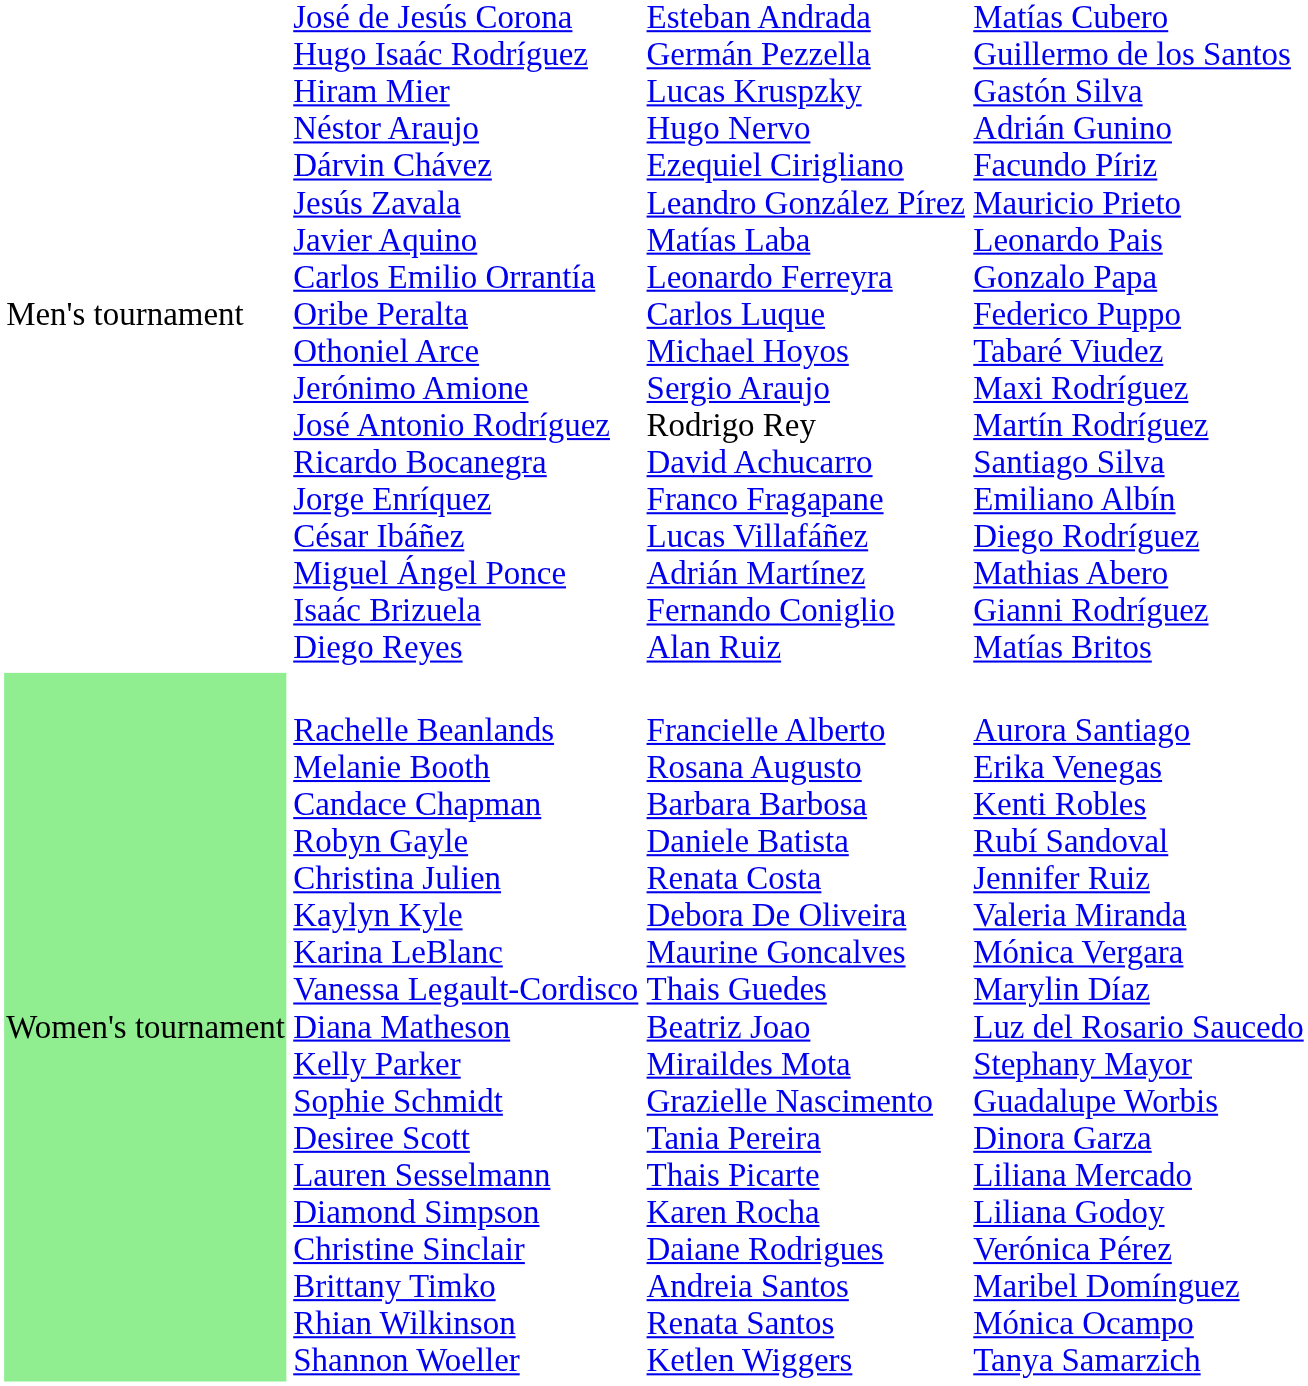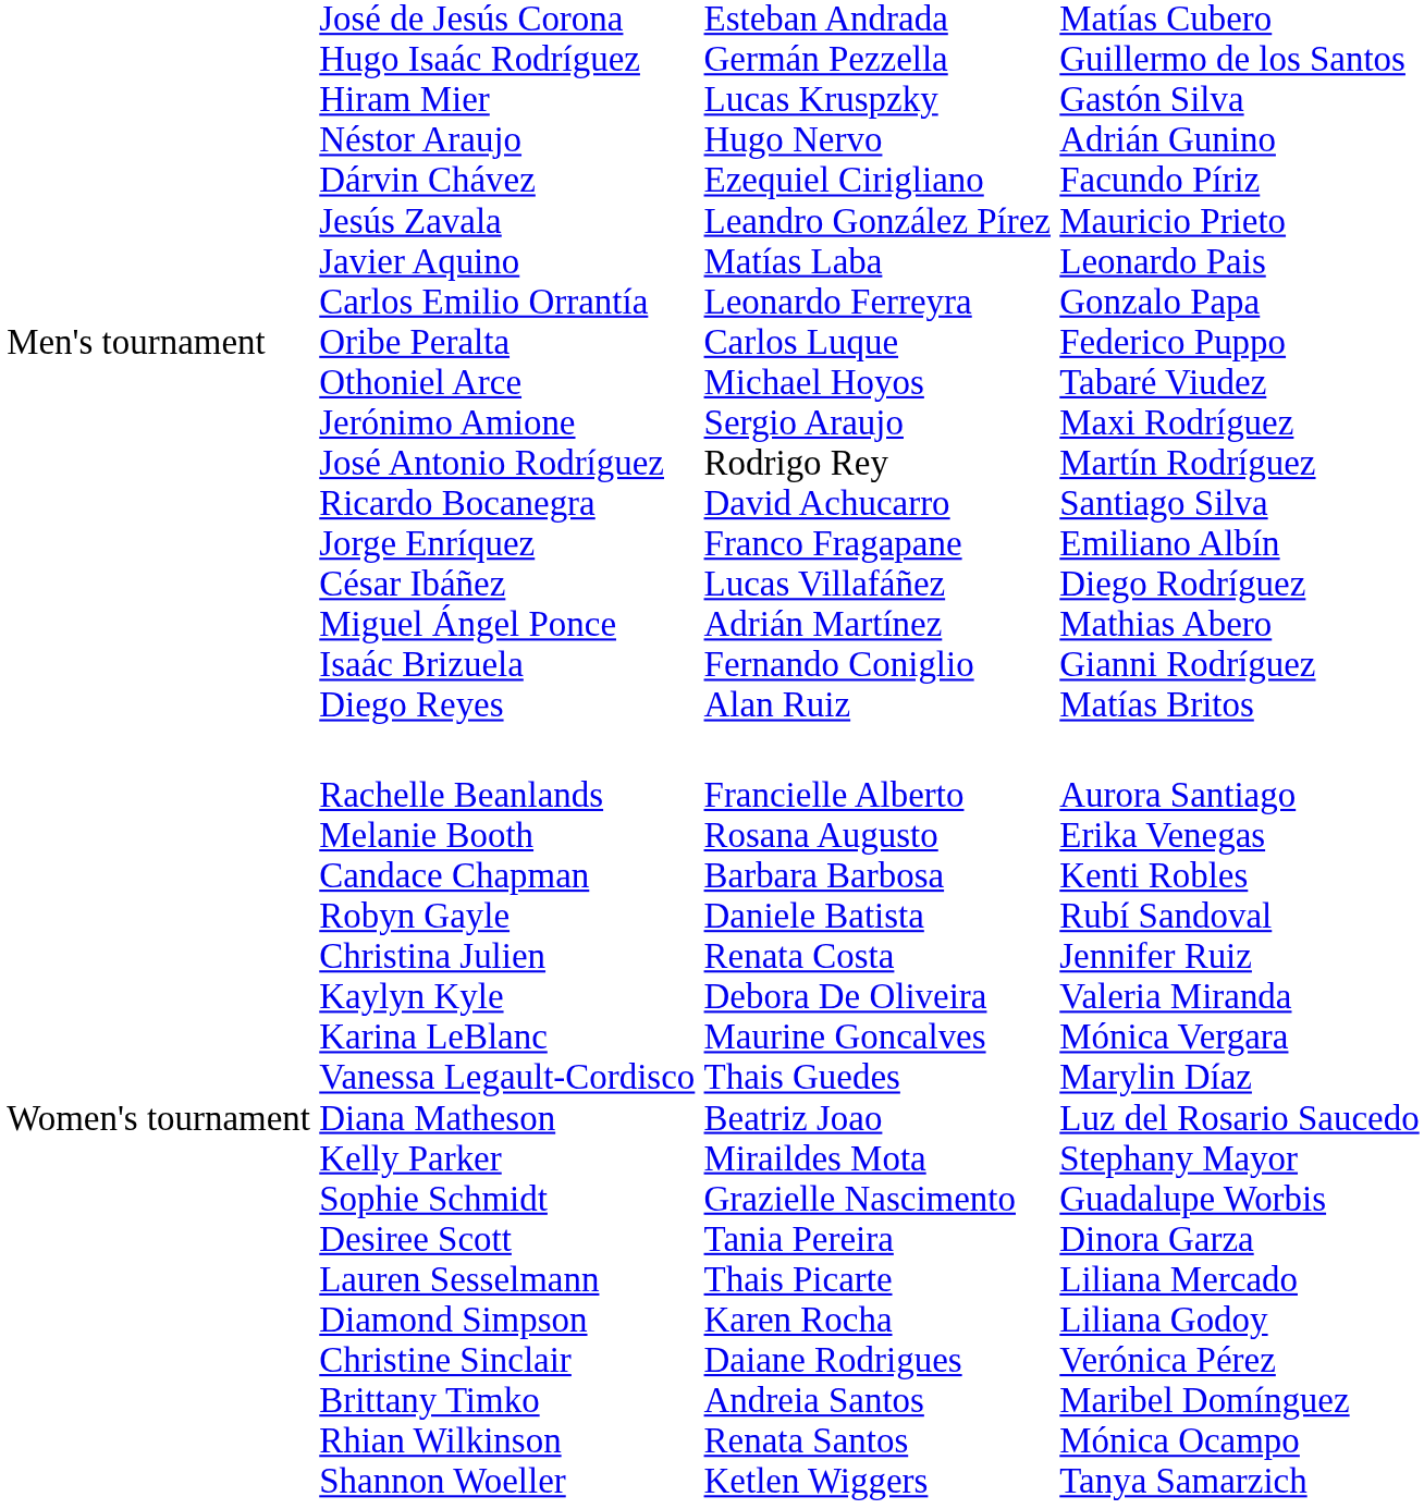 <table>
 <tr>
 <td>Men's tournament <br></td>
 <td><br><a href='#'>José de Jesús Corona</a><br><a href='#'>Hugo Isaác Rodríguez</a><br><a href='#'>Hiram Mier</a><br><a href='#'>Néstor Araujo</a><br><a href='#'>Dárvin Chávez</a><br><a href='#'>Jesús Zavala</a><br><a href='#'>Javier Aquino</a><br><a href='#'>Carlos Emilio Orrantía</a><br><a href='#'>Oribe Peralta</a><br><a href='#'>Othoniel Arce</a><br><a href='#'>Jerónimo Amione</a><br><a href='#'>José Antonio Rodríguez</a><br><a href='#'>Ricardo Bocanegra</a><br><a href='#'>Jorge Enríquez</a><br><a href='#'>César Ibáñez</a><br><a href='#'>Miguel Ángel Ponce</a><br><a href='#'>Isaác Brizuela</a><br><a href='#'>Diego Reyes</a></td>
 <td><br><a href='#'>Esteban Andrada</a><br><a href='#'>Germán Pezzella</a><br><a href='#'>Lucas Kruspzky</a><br><a href='#'>Hugo Nervo</a><br><a href='#'>Ezequiel Cirigliano</a><br><a href='#'>Leandro González Pírez</a><br><a href='#'>Matías Laba</a><br><a href='#'>Leonardo Ferreyra</a><br><a href='#'>Carlos Luque</a><br><a href='#'>Michael Hoyos</a><br><a href='#'>Sergio Araujo</a><br>Rodrigo Rey<br><a href='#'>David Achucarro</a><br><a href='#'>Franco Fragapane</a><br><a href='#'>Lucas Villafáñez</a><br><a href='#'>Adrián Martínez</a><br><a href='#'>Fernando Coniglio</a><br><a href='#'>Alan Ruiz</a></td>
 <td><br><a href='#'>Matías Cubero</a><br><a href='#'>Guillermo de los Santos</a><br><a href='#'>Gastón Silva</a><br><a href='#'>Adrián Gunino</a><br><a href='#'>Facundo Píriz</a><br><a href='#'>Mauricio Prieto</a><br><a href='#'>Leonardo Pais</a><br><a href='#'>Gonzalo Papa</a><br><a href='#'>Federico Puppo</a><br><a href='#'>Tabaré Viudez</a><br><a href='#'>Maxi Rodríguez</a><br><a href='#'>Martín Rodríguez</a><br><a href='#'>Santiago Silva</a><br><a href='#'>Emiliano Albín</a><br><a href='#'>Diego Rodríguez</a><br><a href='#'>Mathias Abero</a><br><a href='#'>Gianni Rodríguez</a><br><a href='#'>Matías Britos</a></td>
 </tr>
 <tr>
-<td style="background: lightgreen;">Women's tournament <br></td>
+<td>Women's tournament <br></td>
 <td><br><a href='#'>Rachelle Beanlands</a> <br><a href='#'>Melanie Booth</a><br><a href='#'>Candace Chapman</a><br><a href='#'>Robyn Gayle</a><br><a href='#'>Christina Julien</a><br><a href='#'>Kaylyn Kyle</a><br><a href='#'>Karina LeBlanc</a><br><a href='#'>Vanessa Legault-Cordisco</a><br><a href='#'>Diana Matheson</a><br><a href='#'>Kelly Parker</a><br><a href='#'>Sophie Schmidt</a><br><a href='#'>Desiree Scott</a><br><a href='#'>Lauren Sesselmann</a> <br><a href='#'>Diamond Simpson</a><br><a href='#'>Christine Sinclair</a><br><a href='#'>Brittany Timko</a><br><a href='#'>Rhian Wilkinson</a><br><a href='#'>Shannon Woeller</a></td>
 <td><br><a href='#'>Francielle Alberto</a> <br><a href='#'>Rosana Augusto</a><br><a href='#'>Barbara Barbosa</a><br><a href='#'>Daniele Batista</a><br><a href='#'>Renata Costa</a><br><a href='#'>Debora De Oliveira</a><br><a href='#'>Maurine Goncalves</a><br><a href='#'>Thais Guedes</a><br><a href='#'>Beatriz Joao</a><br><a href='#'>Miraildes Mota</a><br><a href='#'>Grazielle Nascimento</a><br><a href='#'>Tania Pereira</a><br><a href='#'>Thais Picarte</a> <br><a href='#'>Karen Rocha</a><br><a href='#'>Daiane Rodrigues</a><br><a href='#'>Andreia Santos</a><br><a href='#'>Renata Santos</a><br><a href='#'>Ketlen Wiggers</a></td>
 <td><br><a href='#'>Aurora Santiago</a><br><a href='#'>Erika Venegas</a><br><a href='#'>Kenti Robles</a><br><a href='#'>Rubí Sandoval</a><br><a href='#'>Jennifer Ruiz</a><br><a href='#'>Valeria Miranda</a><br><a href='#'>Mónica Vergara</a><br><a href='#'>Marylin Díaz</a><br><a href='#'>Luz del Rosario Saucedo</a><br><a href='#'>Stephany Mayor</a><br><a href='#'>Guadalupe Worbis</a><br><a href='#'>Dinora Garza</a><br><a href='#'>Liliana Mercado</a><br><a href='#'>Liliana Godoy</a><br><a href='#'>Verónica Pérez</a><br><a href='#'>Maribel Domínguez</a><br><a href='#'>Mónica Ocampo</a><br><a href='#'>Tanya Samarzich</a></td>
 </tr>
 </table>
